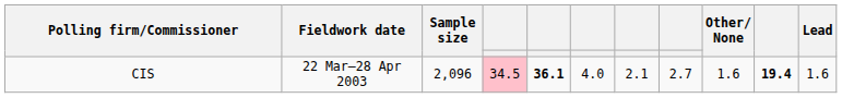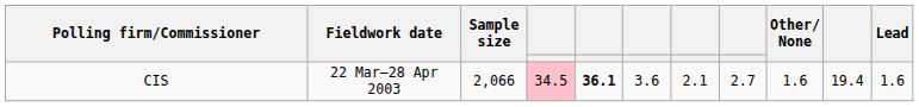 <table class="wikitable collapsible collapsed" style="text-align:center; font-size:90%; line-height:14px;">
 <tr style="height:42px;">
 <th style="width:250px;" rowspan="2">Polling firm/Commissioner</th>
 <th style="width:125px;" rowspan="2">Fieldwork date</th>
 <th style="width:50px;" rowspan="2">Sample size</th>
 <th style="width:35px;"></th>
 <th style="width:35px;"></th>
 <th style="width:35px;"></th>
 <th style="width:35px;"></th>
 <th style="width:35px;"></th>
 <th style="width:35px;" rowspan="2">Other/<br>None</th>
 <th style="width:35px;" rowspan="2"></th>
 <th style="width:30px;" rowspan="2">Lead</th>
 </tr>
 <tr>
 <th style="color:inherit;background:"></th>
 <th style="color:inherit;background:"></th>
 <th style="color:inherit;background:"></th>
 <th style="color:inherit;background:"></th>
 <th style="color:inherit;background:"></th>
 </tr>
 <tr>
 <td>CIS</td>
 <td>22 Mar–28 Apr 2003</td>
-<td>2,096</td>
+<td>2,066</td>
 <td style="background: pink;">34.5</td>
 <td><strong>36.1</strong></td>
-<td>4.0</td>
+<td>3.6</td>
 <td>2.1</td>
 <td>2.7</td>
 <td>1.6</td>
-<td><strong>19.4</strong></td>
+<td>19.4</td>
 <td style="background:">1.6</td>
 </tr>
 </table>
